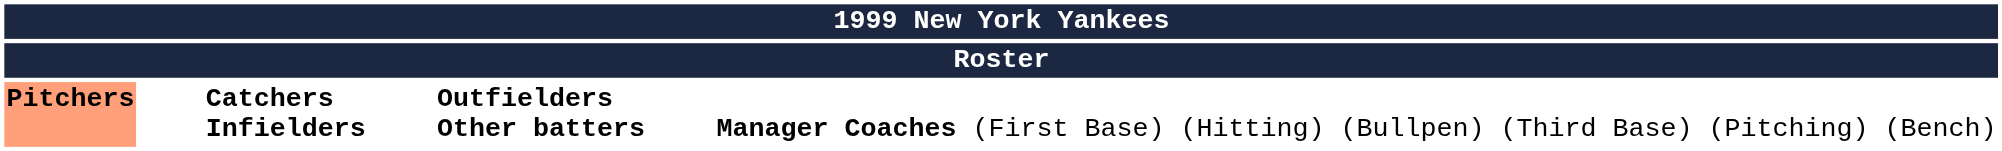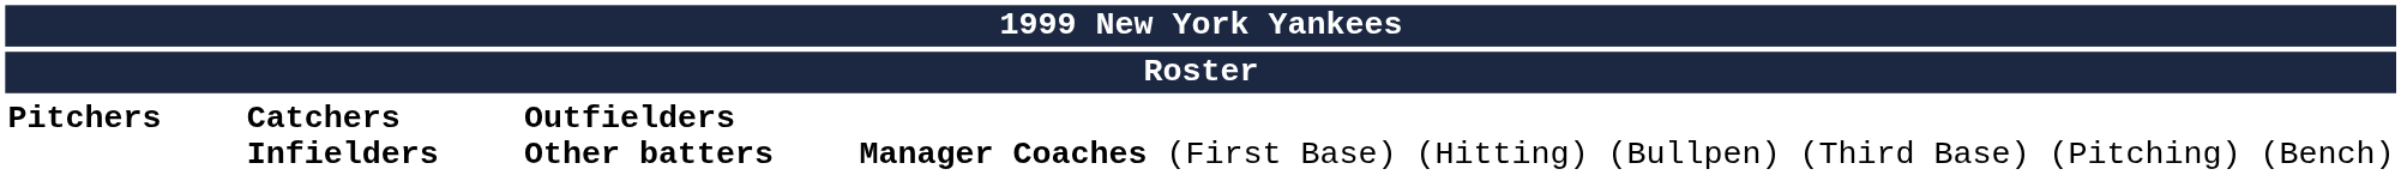 <table class="toccolours" style="font-size: 95%;">
 <tr>
 <th colspan="10" style="background:#1c2841; color:white; text-align:center;">1999 New York Yankees</th>
 </tr>
 <tr>
 <td colspan="10" style="background:#1c2841; color:white; text-align:center;"><strong>Roster</strong></td>
 </tr>
 <tr>
-<td valign="top" style="background: lightsalmon;"><strong>Pitchers</strong><br>                 </td>
+<td valign="top"><strong>Pitchers</strong><br>                 </td>
 <td style="width:25px;"></td>
 <td valign="top"><strong>Catchers</strong><br>   <strong>Infielders</strong>          </td>
 <td style="width:25px;"></td>
 <td valign="top"><strong>Outfielders</strong><br>      <strong>Other batters</strong>  </td>
 <td style="width:25px;"></td>
 <td valign="top"><br><strong>Manager</strong>  <strong>Coaches</strong>  (First Base)  (Hitting)  (Bullpen)  (Third Base)  (Pitching)  (Bench)</td>
 </tr>
 </table>
